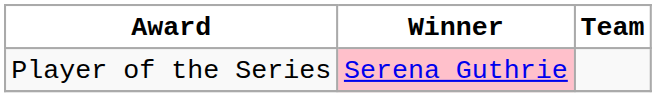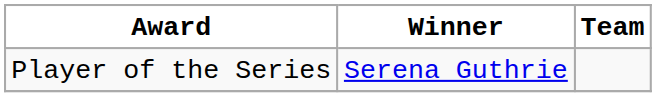 <table class="wikitable collapsible">
 <tr>
 <th style="background:white;">Award</th>
 <th style="background:white;">Winner</th>
 <th style="background:white;">Team</th>
 </tr>
 <tr>
 <td>Player of the Series</td>
-<td style="background: pink;"><a href='#'>Serena Guthrie</a></td>
+<td><a href='#'>Serena Guthrie</a></td>
 <td></td>
 </tr>
 <tr>
 </tr>
 </table>
